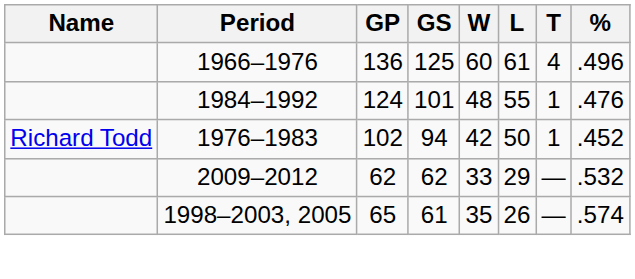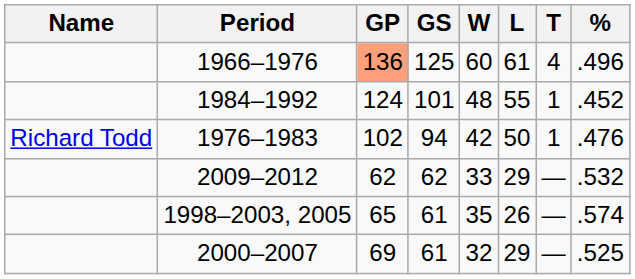 <table class="wikitable sortable" style="text-align:center">
 <tr>
 <th scope="col">Name</th>
 <th scope="col">Period</th>
 <th scope="col">GP</th>
 <th scope="col">GS</th>
 <th scope="col">W</th>
 <th scope="col">L</th>
 <th scope="col">T</th>
 <th scope="col">%</th>
 </tr>
 <tr>
 <td></td>
 <td>1966–1976</td>
-<td>136</td>
+<td style="background: lightsalmon;">136</td>
 <td>125</td>
 <td>60</td>
 <td>61</td>
 <td>4</td>
 <td>.496</td>
 </tr>
 <tr>
 <td></td>
 <td>1984–1992</td>
 <td>124</td>
 <td>101</td>
 <td>48</td>
 <td>55</td>
 <td>1</td>
-<td>.476</td>
+<td>.452</td>
 </tr>
 <tr>
 <td><a href='#'>Richard Todd</a></td>
 <td>1976–1983</td>
 <td>102</td>
 <td>94</td>
 <td>42</td>
 <td>50</td>
 <td>1</td>
-<td>.452</td>
+<td>.476</td>
 </tr>
 <tr>
 <td></td>
 <td>2009–2012</td>
 <td>62</td>
 <td>62</td>
 <td>33</td>
 <td>29</td>
 <td>—</td>
 <td>.532</td>
 </tr>
 <tr>
 <td></td>
 <td>1998–2003, 2005</td>
 <td>65</td>
 <td>61</td>
 <td>35</td>
 <td>26</td>
 <td>—</td>
 <td>.574</td>
 </tr>
+<tr>
+<td></td>
+<td>2000–2007</td>
+<td>69</td>
+<td>61</td>
+<td>32</td>
+<td>29</td>
+<td>—</td>
+<td>.525</td>
+</tr>
 </table>
